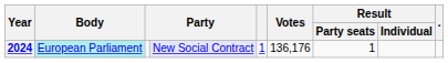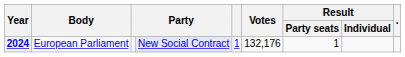 <table class="wikitable plainrowheaders sortable" border=2 cellpadding=4 cellspacing=0 style="border: 1px #aaa solid; font-size: 90%; text-align:center;">
 <tr>
 <th scope="col" rowspan=2>Year</th>
 <th scope="col" rowspan=2>Body</th>
 <th scope="col" colspan=2 rowspan=2>Party</th>
 <th scope="col" rowspan=2></th>
 <th scope="col" rowspan=2>Votes</th>
 <th scope="colgroup" colspan=2>Result</th>
 <th scope="col" rowspan=2>.</th>
 </tr>
 <tr>
 <th scope="col">Party seats</th>
 <th scope="col">Individual</th>
 </tr>
 <tr>
 <th scope="row"><a href='#'>2024</a></th>
-<td style="background: paleturquoise;"><a href='#'>European Parliament</a></td>
+<td><a href='#'>European Parliament</a></td>
 <td style="background-color:"></td>
 <td style="background: lavender;"><a href='#'>New Social Contract</a></td>
 <td style=text-align:right><a href='#'>1</a></td>
-<td style=text-align:right>136,176</td>
+<td style=text-align:right>132,176</td>
 <td style=text-align:right>1</td>
 <td></td>
 <td></td>
 </tr>
 </table>
